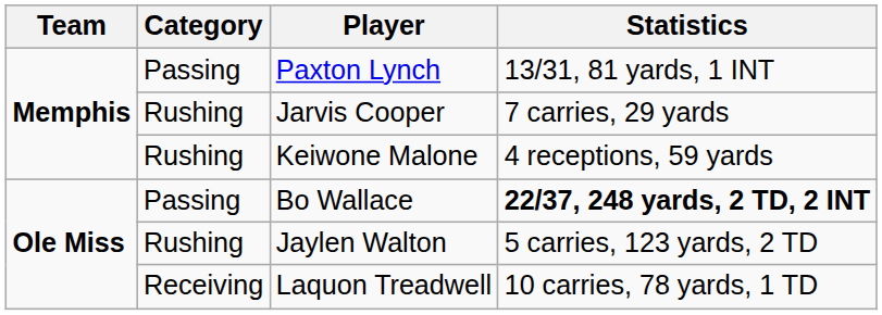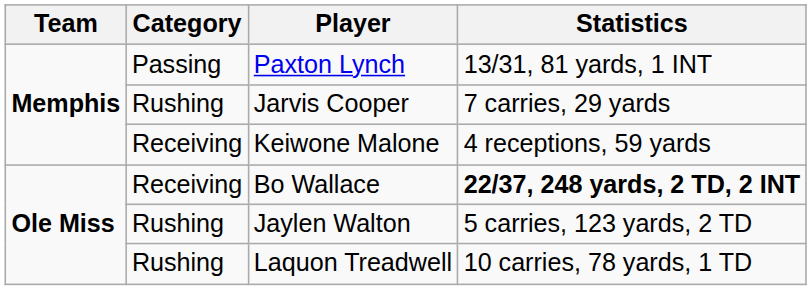 <table class="wikitable" style="float: right;">
 <tr>
 <th>Team</th>
 <th>Category</th>
 <th>Player</th>
 <th>Statistics</th>
 </tr>
 <tr>
 <td rowspan=3><strong>Memphis</strong></td>
 <td>Passing</td>
 <td><a href='#'>Paxton Lynch</a></td>
 <td>13/31, 81 yards, 1 INT</td>
 </tr>
 <tr>
 <td>Rushing</td>
 <td>Jarvis Cooper</td>
 <td>7 carries, 29 yards</td>
 </tr>
 <tr>
-<td>Rushing</td>
+<td>Receiving</td>
 <td>Keiwone Malone</td>
 <td>4 receptions, 59 yards</td>
 </tr>
 <tr>
 <td rowspan=3><strong>Ole Miss</strong></td>
-<td>Passing</td>
+<td>Receiving</td>
 <td>Bo Wallace</td>
 <td><strong>22/37, 248 yards, 2 TD, 2 INT</strong></td>
 </tr>
 <tr>
 <td>Rushing</td>
 <td>Jaylen Walton</td>
 <td>5 carries, 123 yards, 2 TD</td>
 </tr>
 <tr>
-<td>Receiving</td>
+<td>Rushing</td>
 <td>Laquon Treadwell</td>
 <td>10 carries, 78 yards, 1 TD</td>
 </tr>
 </table>
